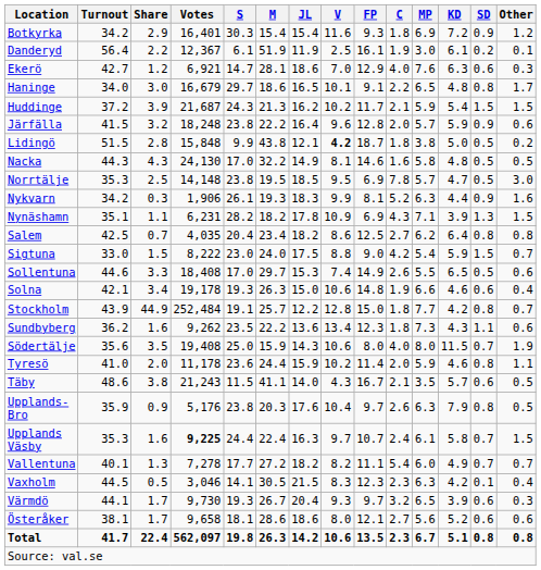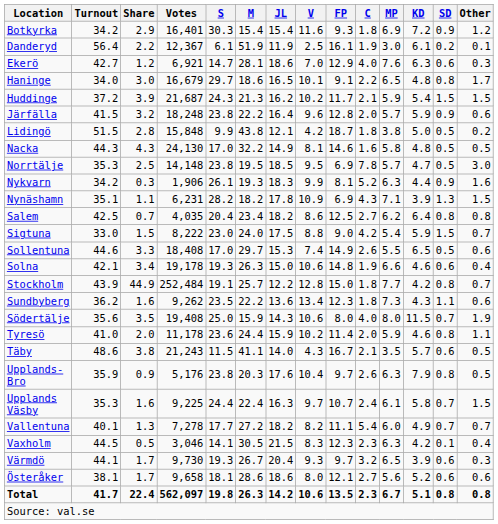 <table class="wikitable sortable" style=text-align:right>
 <tr>
 <th>Location</th>
 <th>Turnout</th>
 <th>Share</th>
 <th>Votes</th>
 <th><a href='#'>S</a></th>
 <th><a href='#'>M</a></th>
 <th><a href='#'>JL</a></th>
 <th><a href='#'>V</a></th>
 <th><a href='#'>FP</a></th>
 <th><a href='#'>C</a></th>
 <th><a href='#'>MP</a></th>
 <th><a href='#'>KD</a></th>
 <th><a href='#'>SD</a></th>
 <th>Other</th>
 </tr>
 <tr>
 <td align=left><a href='#'>Botkyrka</a></td>
 <td>34.2</td>
 <td>2.9</td>
 <td>16,401</td>
 <td>30.3</td>
 <td>15.4</td>
 <td>15.4</td>
 <td>11.6</td>
 <td>9.3</td>
 <td>1.8</td>
 <td>6.9</td>
 <td>7.2</td>
 <td>0.9</td>
 <td>1.2</td>
 </tr>
 <tr>
 <td align=left><a href='#'>Danderyd</a></td>
 <td>56.4</td>
 <td>2.2</td>
 <td>12,367</td>
 <td>6.1</td>
 <td>51.9</td>
 <td>11.9</td>
 <td>2.5</td>
 <td>16.1</td>
 <td>1.9</td>
 <td>3.0</td>
 <td>6.1</td>
 <td>0.2</td>
 <td>0.1</td>
 </tr>
 <tr>
 <td align=left><a href='#'>Ekerö</a></td>
 <td>42.7</td>
 <td>1.2</td>
 <td>6,921</td>
 <td>14.7</td>
 <td>28.1</td>
 <td>18.6</td>
 <td>7.0</td>
 <td>12.9</td>
 <td>4.0</td>
 <td>7.6</td>
 <td>6.3</td>
 <td>0.6</td>
 <td>0.3</td>
 </tr>
 <tr>
 <td align=left><a href='#'>Haninge</a></td>
 <td>34.0</td>
 <td>3.0</td>
 <td>16,679</td>
 <td>29.7</td>
 <td>18.6</td>
 <td>16.5</td>
 <td>10.1</td>
 <td>9.1</td>
 <td>2.2</td>
 <td>6.5</td>
 <td>4.8</td>
 <td>0.8</td>
 <td>1.7</td>
 </tr>
 <tr>
 <td align=left><a href='#'>Huddinge</a></td>
 <td>37.2</td>
 <td>3.9</td>
 <td>21,687</td>
 <td>24.3</td>
 <td>21.3</td>
 <td>16.2</td>
 <td>10.2</td>
 <td>11.7</td>
 <td>2.1</td>
 <td>5.9</td>
 <td>5.4</td>
 <td>1.5</td>
 <td>1.5</td>
 </tr>
 <tr>
 <td align=left><a href='#'>Järfälla</a></td>
 <td>41.5</td>
 <td>3.2</td>
 <td>18,248</td>
 <td>23.8</td>
 <td>22.2</td>
 <td>16.4</td>
 <td>9.6</td>
 <td>12.8</td>
 <td>2.0</td>
 <td>5.7</td>
 <td>5.9</td>
 <td>0.9</td>
 <td>0.6</td>
 </tr>
 <tr>
 <td align=left><a href='#'>Lidingö</a></td>
 <td>51.5</td>
 <td>2.8</td>
 <td>15,848</td>
 <td>9.9</td>
 <td>43.8</td>
 <td>12.1</td>
-<td><strong>4.2</strong></td>
+<td>4.2</td>
 <td>18.7</td>
 <td>1.8</td>
 <td>3.8</td>
 <td>5.0</td>
 <td>0.5</td>
 <td>0.2</td>
 </tr>
 <tr>
 <td align=left><a href='#'>Nacka</a></td>
 <td>44.3</td>
 <td>4.3</td>
 <td>24,130</td>
 <td>17.0</td>
 <td>32.2</td>
 <td>14.9</td>
 <td>8.1</td>
 <td>14.6</td>
 <td>1.6</td>
 <td>5.8</td>
 <td>4.8</td>
 <td>0.5</td>
 <td>0.5</td>
 </tr>
 <tr>
 <td align=left><a href='#'>Norrtälje</a></td>
 <td>35.3</td>
 <td>2.5</td>
 <td>14,148</td>
 <td>23.8</td>
 <td>19.5</td>
 <td>18.5</td>
 <td>9.5</td>
 <td>6.9</td>
 <td>7.8</td>
 <td>5.7</td>
 <td>4.7</td>
 <td>0.5</td>
 <td>3.0</td>
 </tr>
 <tr>
 <td align=left><a href='#'>Nykvarn</a></td>
 <td>34.2</td>
 <td>0.3</td>
 <td>1,906</td>
 <td>26.1</td>
 <td>19.3</td>
 <td>18.3</td>
 <td>9.9</td>
 <td>8.1</td>
 <td>5.2</td>
 <td>6.3</td>
 <td>4.4</td>
 <td>0.9</td>
 <td>1.6</td>
 </tr>
 <tr>
 <td align=left><a href='#'>Nynäshamn</a></td>
 <td>35.1</td>
 <td>1.1</td>
 <td>6,231</td>
 <td>28.2</td>
 <td>18.2</td>
 <td>17.8</td>
 <td>10.9</td>
 <td>6.9</td>
 <td>4.3</td>
 <td>7.1</td>
 <td>3.9</td>
 <td>1.3</td>
 <td>1.5</td>
 </tr>
 <tr>
 <td align=left><a href='#'>Salem</a></td>
 <td>42.5</td>
 <td>0.7</td>
 <td>4,035</td>
 <td>20.4</td>
 <td>23.4</td>
 <td>18.2</td>
 <td>8.6</td>
 <td>12.5</td>
 <td>2.7</td>
 <td>6.2</td>
 <td>6.4</td>
 <td>0.8</td>
 <td>0.8</td>
 </tr>
 <tr>
 <td align=left><a href='#'>Sigtuna</a></td>
 <td>33.0</td>
 <td>1.5</td>
 <td>8,222</td>
 <td>23.0</td>
 <td>24.0</td>
 <td>17.5</td>
 <td>8.8</td>
 <td>9.0</td>
 <td>4.2</td>
 <td>5.4</td>
 <td>5.9</td>
 <td>1.5</td>
 <td>0.7</td>
 </tr>
 <tr>
 <td align=left><a href='#'>Sollentuna</a></td>
 <td>44.6</td>
 <td>3.3</td>
 <td>18,408</td>
 <td>17.0</td>
 <td>29.7</td>
 <td>15.3</td>
 <td>7.4</td>
 <td>14.9</td>
 <td>2.6</td>
 <td>5.5</td>
 <td>6.5</td>
 <td>0.5</td>
 <td>0.6</td>
 </tr>
 <tr>
 <td align=left><a href='#'>Solna</a></td>
 <td>42.1</td>
 <td>3.4</td>
 <td>19,178</td>
 <td>19.3</td>
 <td>26.3</td>
 <td>15.0</td>
 <td>10.6</td>
 <td>14.8</td>
 <td>1.9</td>
 <td>6.6</td>
 <td>4.6</td>
 <td>0.6</td>
 <td>0.4</td>
 </tr>
 <tr>
 <td align=left><a href='#'>Stockholm</a></td>
 <td>43.9</td>
 <td>44.9</td>
 <td>252,484</td>
 <td>19.1</td>
 <td>25.7</td>
 <td>12.2</td>
 <td>12.8</td>
 <td>15.0</td>
 <td>1.8</td>
 <td>7.7</td>
 <td>4.2</td>
 <td>0.8</td>
 <td>0.7</td>
 </tr>
 <tr>
 <td align=left><a href='#'>Sundbyberg</a></td>
 <td>36.2</td>
 <td>1.6</td>
 <td>9,262</td>
 <td>23.5</td>
 <td>22.2</td>
 <td>13.6</td>
 <td>13.4</td>
 <td>12.3</td>
 <td>1.8</td>
 <td>7.3</td>
 <td>4.3</td>
 <td>1.1</td>
 <td>0.6</td>
 </tr>
 <tr>
 <td align=left><a href='#'>Södertälje</a></td>
 <td>35.6</td>
 <td>3.5</td>
 <td>19,408</td>
 <td>25.0</td>
 <td>15.9</td>
 <td>14.3</td>
 <td>10.6</td>
 <td>8.0</td>
 <td>4.0</td>
 <td>8.0</td>
 <td>11.5</td>
 <td>0.7</td>
 <td>1.9</td>
 </tr>
 <tr>
 <td align=left><a href='#'>Tyresö</a></td>
 <td>41.0</td>
 <td>2.0</td>
 <td>11,178</td>
 <td>23.6</td>
 <td>24.4</td>
 <td>15.9</td>
 <td>10.2</td>
 <td>11.4</td>
 <td>2.0</td>
 <td>5.9</td>
 <td>4.6</td>
 <td>0.8</td>
 <td>1.1</td>
 </tr>
 <tr>
 <td align=left><a href='#'>Täby</a></td>
 <td>48.6</td>
 <td>3.8</td>
 <td>21,243</td>
 <td>11.5</td>
 <td>41.1</td>
 <td>14.0</td>
 <td>4.3</td>
 <td>16.7</td>
 <td>2.1</td>
 <td>3.5</td>
 <td>5.7</td>
 <td>0.6</td>
 <td>0.5</td>
 </tr>
 <tr>
 <td align=left><a href='#'>Upplands-Bro</a></td>
 <td>35.9</td>
 <td>0.9</td>
 <td>5,176</td>
 <td>23.8</td>
 <td>20.3</td>
 <td>17.6</td>
 <td>10.4</td>
 <td>9.7</td>
 <td>2.6</td>
 <td>6.3</td>
 <td>7.9</td>
 <td>0.8</td>
 <td>0.5</td>
 </tr>
 <tr>
 <td align=left><a href='#'>Upplands Väsby</a></td>
 <td>35.3</td>
 <td>1.6</td>
-<td><strong>9,225</strong></td>
+<td>9,225</td>
 <td>24.4</td>
 <td>22.4</td>
 <td>16.3</td>
 <td>9.7</td>
 <td>10.7</td>
 <td>2.4</td>
 <td>6.1</td>
 <td>5.8</td>
 <td>0.7</td>
 <td>1.5</td>
 </tr>
 <tr>
 <td align=left><a href='#'>Vallentuna</a></td>
 <td>40.1</td>
 <td>1.3</td>
 <td>7,278</td>
 <td>17.7</td>
 <td>27.2</td>
 <td>18.2</td>
 <td>8.2</td>
 <td>11.1</td>
 <td>5.4</td>
 <td>6.0</td>
 <td>4.9</td>
 <td>0.7</td>
 <td>0.7</td>
 </tr>
 <tr>
 <td align=left><a href='#'>Vaxholm</a></td>
 <td>44.5</td>
 <td>0.5</td>
 <td>3,046</td>
 <td>14.1</td>
 <td>30.5</td>
 <td>21.5</td>
 <td>8.3</td>
 <td>12.3</td>
 <td>2.3</td>
 <td>6.3</td>
 <td>4.2</td>
 <td>0.1</td>
 <td>0.4</td>
 </tr>
 <tr>
 <td align=left><a href='#'>Värmdö</a></td>
 <td>44.1</td>
 <td>1.7</td>
 <td>9,730</td>
 <td>19.3</td>
 <td>26.7</td>
 <td>20.4</td>
 <td>9.3</td>
 <td>9.7</td>
 <td>3.2</td>
 <td>6.5</td>
 <td>3.9</td>
 <td>0.6</td>
 <td>0.3</td>
 </tr>
 <tr>
 <td align=left><a href='#'>Österåker</a></td>
 <td>38.1</td>
 <td>1.7</td>
 <td>9,658</td>
 <td>18.1</td>
 <td>28.6</td>
 <td>18.6</td>
 <td>8.0</td>
 <td>12.1</td>
 <td>2.7</td>
 <td>5.6</td>
 <td>5.2</td>
 <td>0.6</td>
 <td>0.6</td>
 </tr>
 <tr>
 <td align=left><strong>Total</strong></td>
 <td><strong>41.7</strong></td>
 <td><strong>22.4</strong></td>
 <td><strong>562,097</strong></td>
 <td><strong>19.8</strong></td>
 <td><strong>26.3</strong></td>
 <td><strong>14.2</strong></td>
 <td><strong>10.6</strong></td>
 <td><strong>13.5</strong></td>
 <td><strong>2.3</strong></td>
 <td><strong>6.7</strong></td>
 <td><strong>5.1</strong></td>
 <td><strong>0.8</strong></td>
 <td><strong>0.8</strong></td>
 </tr>
 <tr>
 <td align=left colspan=14>Source: val.se </td>
 </tr>
 </table>
